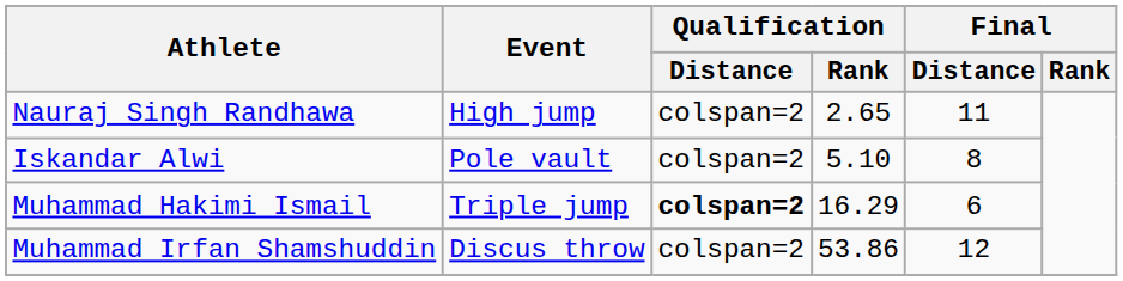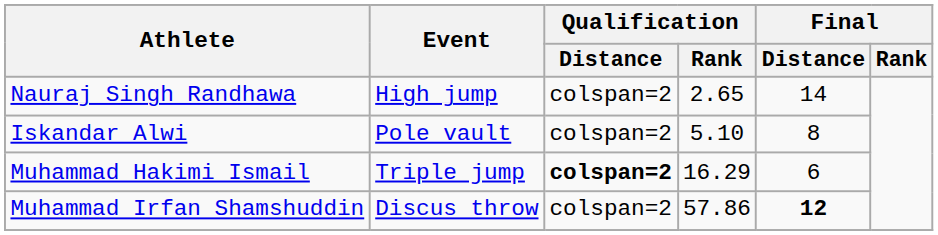 <table class="wikitable" style="font-size:90%">
 <tr>
 <th rowspan=2>Athlete</th>
 <th rowspan=2>Event</th>
 <th colspan=2>Qualification</th>
 <th colspan=2>Final</th>
 </tr>
 <tr style="font-size:95%">
 <th>Distance</th>
 <th>Rank</th>
 <th>Distance</th>
 <th>Rank</th>
 </tr>
 <tr align=center>
 <td align=left><a href='#'>Nauraj Singh Randhawa</a></td>
 <td align=left><a href='#'>High jump</a></td>
 <td>colspan=2 </td>
 <td>2.65</td>
-<td>11</td>
+<td>14</td>
 </tr>
 <tr align=center>
 <td align=left><a href='#'>Iskandar Alwi</a></td>
 <td align=left><a href='#'>Pole vault</a></td>
 <td>colspan=2 </td>
 <td>5.10</td>
 <td>8</td>
 </tr>
 <tr align=center>
 <td align=left><a href='#'>Muhammad Hakimi Ismail</a></td>
 <td align=left><a href='#'>Triple jump</a></td>
 <td><strong>colspan=2 </strong></td>
 <td>16.29</td>
 <td>6</td>
 </tr>
 <tr align=center>
 <td align=left><a href='#'>Muhammad Irfan Shamshuddin</a></td>
 <td align=left><a href='#'>Discus throw</a></td>
 <td>colspan=2 </td>
-<td>53.86</td>
-<td>12</td>
+<td>57.86</td>
+<td><strong>12</strong></td>
 </tr>
 </table>
